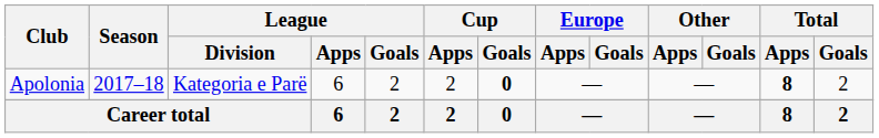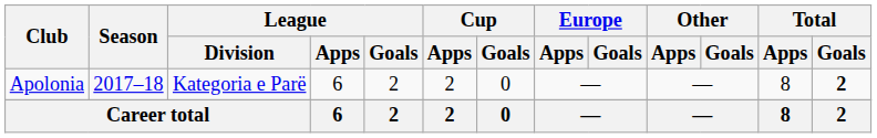 <table class="wikitable" style="text-align:center">
 <tr>
 <th rowspan="2">Club</th>
 <th rowspan="2">Season</th>
 <th colspan="3">League</th>
 <th colspan="2">Cup</th>
 <th colspan="2"><a href='#'>Europe</a></th>
 <th colspan="2">Other</th>
 <th colspan="2">Total</th>
 </tr>
 <tr>
 <th>Division</th>
 <th>Apps</th>
 <th>Goals</th>
 <th>Apps</th>
 <th>Goals</th>
 <th>Apps</th>
 <th>Goals</th>
 <th>Apps</th>
 <th>Goals</th>
 <th>Apps</th>
 <th>Goals</th>
 </tr>
 <tr>
 <td rowspan="1" valign="center"><a href='#'>Apolonia</a></td>
 <td><a href='#'>2017–18</a></td>
 <td rowspan="1"><a href='#'>Kategoria e Parë</a></td>
 <td>6</td>
 <td>2</td>
 <td>2</td>
-<td><strong>0</strong></td>
+<td>0</td>
 <td colspan="2">—</td>
 <td colspan="2">—</td>
-<td><strong>8</strong></td>
-<td>2</td>
+<td>8</td>
+<td><strong>2</strong></td>
 </tr>
 <tr>
 </tr>
 <tr>
 <th colspan="3">Career total</th>
 <th>6</th>
 <th>2</th>
 <th>2</th>
 <th>0</th>
 <th colspan="2">—</th>
 <th colspan="2">—</th>
 <th>8</th>
 <th>2</th>
 </tr>
 </table>
